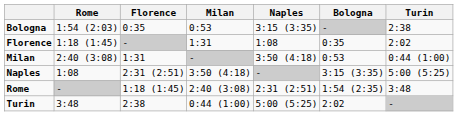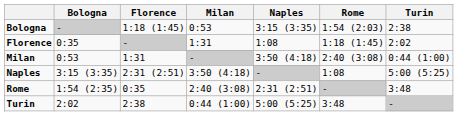 <table class="wikitable">
 <tr>
 <th></th>
-<th>Rome</th>
+<th>Bologna</th>
 <th>Florence</th>
 <th>Milan</th>
 <th>Naples</th>
-<th>Bologna</th>
+<th>Rome</th>
 <th>Turin</th>
 </tr>
 <tr>
 <td><strong>Bologna</strong></td>
-<td>1:54 (2:03)</td>
-<td>0:35</td>
+<td style="background:#ccc;">-</td>
+<td>1:18 (1:45)</td>
 <td>0:53</td>
 <td>3:15 (3:35)</td>
-<td style="background:#ccc;">-</td>
+<td>1:54 (2:03)</td>
 <td>2:38</td>
 </tr>
 <tr>
 <td><strong>Florence</strong></td>
-<td>1:18 (1:45)</td>
+<td>0:35</td>
 <td style="background:#ccc;">-</td>
 <td>1:31</td>
 <td>1:08</td>
-<td>0:35</td>
+<td>1:18 (1:45)</td>
 <td>2:02</td>
 </tr>
 <tr>
 <td><strong>Milan</strong></td>
-<td>2:40 (3:08)</td>
+<td>0:53</td>
 <td>1:31</td>
 <td style="background:#ccc;">-</td>
 <td>3:50 (4:18)</td>
-<td>0:53</td>
+<td>2:40 (3:08)</td>
 <td>0:44 (1:00)</td>
 </tr>
 <tr>
 <td><strong>Naples</strong></td>
-<td>1:08</td>
+<td>3:15 (3:35)</td>
 <td>2:31 (2:51)</td>
 <td>3:50 (4:18)</td>
 <td style="background:#ccc;">-</td>
-<td>3:15 (3:35)</td>
+<td>1:08</td>
 <td>5:00 (5:25)</td>
 </tr>
 <tr>
 <td><strong>Rome</strong></td>
-<td style="background:#ccc;">-</td>
-<td>1:18 (1:45)</td>
+<td>1:54 (2:35)</td>
+<td>0:35</td>
 <td>2:40 (3:08)</td>
 <td>2:31 (2:51)</td>
-<td>1:54 (2:35)</td>
+<td style="background:#ccc;">-</td>
 <td>3:48</td>
 </tr>
 <tr>
 <td><strong>Turin</strong></td>
-<td>3:48</td>
+<td>2:02</td>
 <td>2:38</td>
 <td>0:44 (1:00)</td>
 <td>5:00 (5:25)</td>
-<td>2:02</td>
+<td>3:48</td>
 <td style="background:#ccc;">-</td>
 </tr>
 </table>
